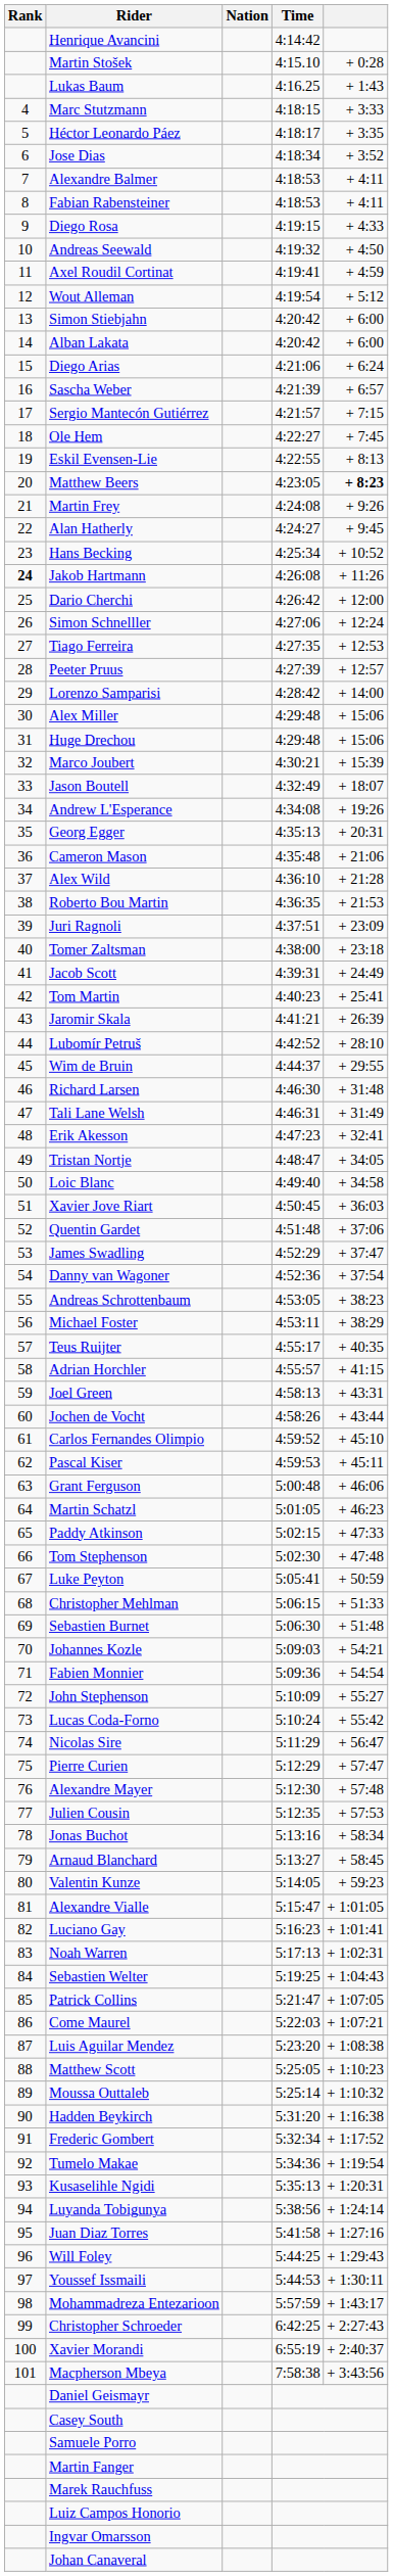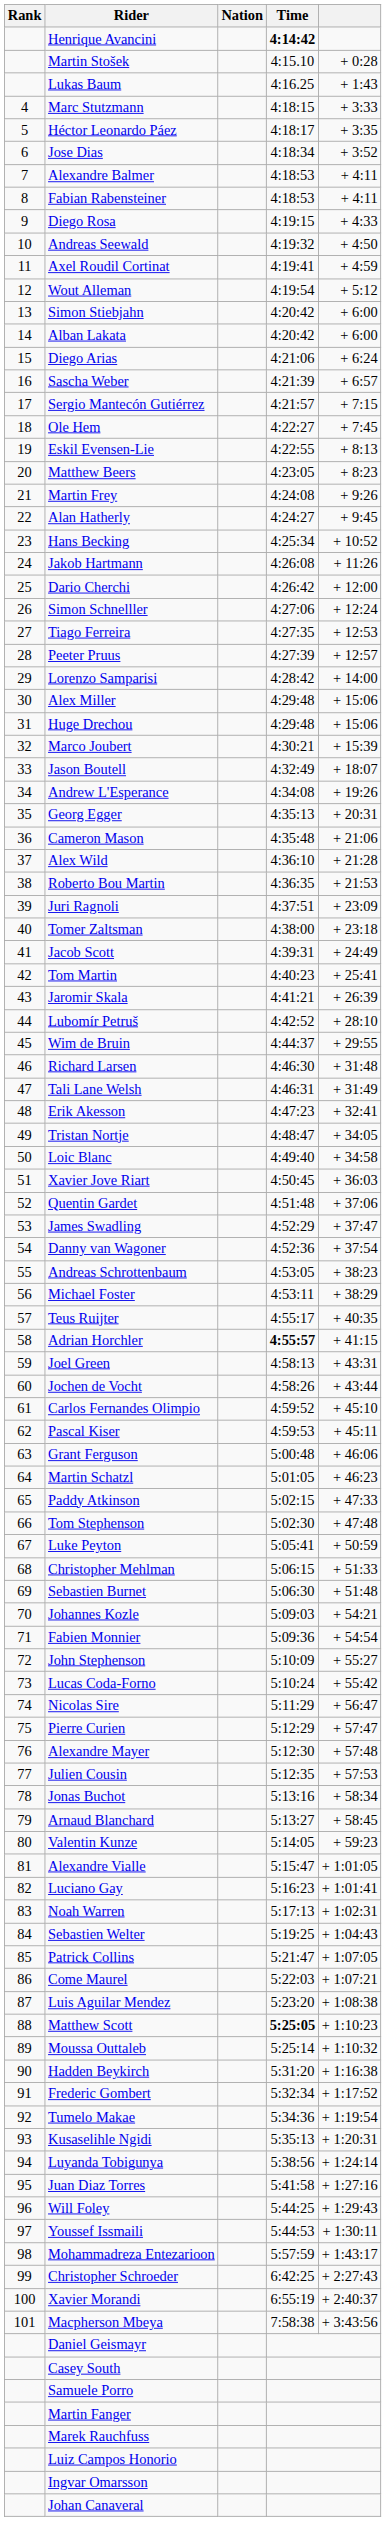 <table class="wikitable sortable" style=text-align:center;">
 <tr>
 <th scope="col">Rank</th>
 <th scope="col">Rider</th>
 <th scope="col">Nation</th>
 <th scope="col">Time</th>
 <th scope="col"></th>
 </tr>
 <tr>
 <td></td>
 <td align=left><a href='#'>Henrique Avancini</a></td>
 <td align=left></td>
-<td>4:14:42</td>
+<td><strong>4:14:42</strong></td>
 <td align=right></td>
 </tr>
 <tr>
 <td></td>
 <td align=left><a href='#'>Martin Stošek</a></td>
 <td align=left></td>
 <td>4:15.10</td>
 <td align=right>+  0:28</td>
 </tr>
 <tr>
 <td></td>
 <td align=left><a href='#'>Lukas Baum</a></td>
 <td align=left></td>
 <td>4:16.25</td>
 <td align=right>+ 1:43</td>
 </tr>
 <tr>
 <td>4</td>
 <td align=left><a href='#'>Marc Stutzmann</a></td>
 <td align=left></td>
 <td>4:18:15</td>
 <td align=right>+ 3:33</td>
 </tr>
 <tr>
 <td>5</td>
 <td align=left><a href='#'>Héctor Leonardo Páez</a></td>
 <td align=left></td>
 <td>4:18:17</td>
 <td align=right>+ 3:35</td>
 </tr>
 <tr>
 <td>6</td>
 <td align=left><a href='#'>Jose Dias</a></td>
 <td align=left></td>
 <td>4:18:34</td>
 <td align=right>+ 3:52</td>
 </tr>
 <tr>
 <td>7</td>
 <td align=left><a href='#'>Alexandre Balmer</a></td>
 <td align=left></td>
 <td>4:18:53</td>
 <td align=right>+ 4:11</td>
 </tr>
 <tr>
 <td>8</td>
 <td align=left><a href='#'>Fabian Rabensteiner</a></td>
 <td align=left></td>
 <td>4:18:53</td>
 <td align=right>+ 4:11</td>
 </tr>
 <tr>
 <td>9</td>
 <td align=left><a href='#'>Diego Rosa</a></td>
 <td align=left></td>
 <td>4:19:15</td>
 <td align=right>+ 4:33</td>
 </tr>
 <tr>
 <td>10</td>
 <td align=left><a href='#'>Andreas Seewald</a></td>
 <td align=left></td>
 <td>4:19:32</td>
 <td align=right>+ 4:50</td>
 </tr>
 <tr>
 <td>11</td>
 <td align=left><a href='#'>Axel Roudil Cortinat</a></td>
 <td align=left></td>
 <td>4:19:41</td>
 <td align=right>+ 4:59</td>
 </tr>
 <tr>
 <td>12</td>
 <td align=left><a href='#'>Wout Alleman</a></td>
 <td align=left></td>
 <td>4:19:54</td>
 <td align=right>+ 5:12</td>
 </tr>
 <tr>
 <td>13</td>
 <td align=left><a href='#'>Simon Stiebjahn</a></td>
 <td align=left></td>
 <td>4:20:42</td>
 <td align=right>+ 6:00</td>
 </tr>
 <tr>
 <td>14</td>
 <td align=left><a href='#'>Alban Lakata</a></td>
 <td align=left></td>
 <td>4:20:42</td>
 <td align=right>+ 6:00</td>
 </tr>
 <tr>
 <td>15</td>
 <td align=left><a href='#'>Diego Arias</a></td>
 <td align=left></td>
 <td>4:21:06</td>
 <td align=right>+ 6:24</td>
 </tr>
 <tr>
 <td>16</td>
 <td align=left><a href='#'>Sascha Weber</a></td>
 <td align=left></td>
 <td>4:21:39</td>
 <td align=right>+ 6:57</td>
 </tr>
 <tr>
 <td>17</td>
 <td align=left><a href='#'>Sergio Mantecón Gutiérrez</a></td>
 <td align=left></td>
 <td>4:21:57</td>
 <td align=right>+ 7:15</td>
 </tr>
 <tr>
 <td>18</td>
 <td align=left><a href='#'>Ole Hem</a></td>
 <td align=left></td>
 <td>4:22:27</td>
 <td align=right>+ 7:45</td>
 </tr>
 <tr>
 <td>19</td>
 <td align=left><a href='#'>Eskil Evensen-Lie</a></td>
 <td align=left></td>
 <td>4:22:55</td>
 <td align=right>+ 8:13</td>
 </tr>
 <tr>
 <td>20</td>
 <td align=left><a href='#'>Matthew Beers</a></td>
 <td align=left></td>
 <td>4:23:05</td>
-<td align=right><strong>+ 8:23</strong></td>
+<td align=right>+ 8:23</td>
 </tr>
 <tr>
 <td>21</td>
 <td align=left><a href='#'>Martin Frey</a></td>
 <td align=left></td>
 <td>4:24:08</td>
 <td align=right>+ 9:26</td>
 </tr>
 <tr>
 <td>22</td>
 <td align=left><a href='#'>Alan Hatherly</a></td>
 <td align=left></td>
 <td>4:24:27</td>
 <td align=right>+ 9:45</td>
 </tr>
 <tr>
 <td>23</td>
 <td align=left><a href='#'>Hans Becking</a></td>
 <td align=left></td>
 <td>4:25:34</td>
 <td align=right>+ 10:52</td>
 </tr>
 <tr>
-<td><strong>24</strong></td>
+<td>24</td>
 <td align=left><a href='#'>Jakob Hartmann</a></td>
 <td align=left></td>
 <td>4:26:08</td>
 <td align=right>+ 11:26</td>
 </tr>
 <tr>
 <td>25</td>
 <td align=left><a href='#'>Dario Cherchi</a></td>
 <td align=left></td>
 <td>4:26:42</td>
 <td align=right>+ 12:00</td>
 </tr>
 <tr>
 <td>26</td>
 <td align=left><a href='#'>Simon Schnelller</a></td>
 <td align=left></td>
 <td>4:27:06</td>
 <td align=right>+ 12:24</td>
 </tr>
 <tr>
 <td>27</td>
 <td align=left><a href='#'>Tiago Ferreira</a></td>
 <td align=left></td>
 <td>4:27:35</td>
 <td align=right>+ 12:53</td>
 </tr>
 <tr>
 <td>28</td>
 <td align=left><a href='#'>Peeter Pruus</a></td>
 <td align=left></td>
 <td>4:27:39</td>
 <td align=right>+ 12:57</td>
 </tr>
 <tr>
 <td>29</td>
 <td align=left><a href='#'>Lorenzo Samparisi</a></td>
 <td align=left></td>
 <td>4:28:42</td>
 <td align=right>+ 14:00</td>
 </tr>
 <tr>
 <td>30</td>
 <td align=left><a href='#'>Alex Miller</a></td>
 <td align=left></td>
 <td>4:29:48</td>
 <td align=right>+ 15:06</td>
 </tr>
 <tr>
 <td>31</td>
 <td align=left><a href='#'>Huge Drechou</a></td>
 <td align=left></td>
 <td>4:29:48</td>
 <td align=right>+ 15:06</td>
 </tr>
 <tr>
 <td>32</td>
 <td align=left><a href='#'>Marco Joubert</a></td>
 <td align=left></td>
 <td>4:30:21</td>
 <td align=right>+ 15:39</td>
 </tr>
 <tr>
 <td>33</td>
 <td align=left><a href='#'>Jason Boutell</a></td>
 <td align=left></td>
 <td>4:32:49</td>
 <td align=right>+ 18:07</td>
 </tr>
 <tr>
 <td>34</td>
 <td align=left><a href='#'>Andrew L'Esperance</a></td>
 <td align=left></td>
 <td>4:34:08</td>
 <td align=right>+ 19:26</td>
 </tr>
 <tr>
 <td>35</td>
 <td align=left><a href='#'>Georg Egger</a></td>
 <td align=left></td>
 <td>4:35:13</td>
 <td align=right>+ 20:31</td>
 </tr>
 <tr>
 <td>36</td>
 <td align=left><a href='#'>Cameron Mason</a></td>
 <td align=left></td>
 <td>4:35:48</td>
 <td align=right>+ 21:06</td>
 </tr>
 <tr>
 <td>37</td>
 <td align=left><a href='#'>Alex Wild</a></td>
 <td align=left></td>
 <td>4:36:10</td>
 <td align=right>+ 21:28</td>
 </tr>
 <tr>
 <td>38</td>
 <td align=left><a href='#'>Roberto Bou Martin</a></td>
 <td align=left></td>
 <td>4:36:35</td>
 <td align=right>+ 21:53</td>
 </tr>
 <tr>
 <td>39</td>
 <td align=left><a href='#'>Juri Ragnoli</a></td>
 <td align=left></td>
 <td>4:37:51</td>
 <td align=right>+ 23:09</td>
 </tr>
 <tr>
 <td>40</td>
 <td align=left><a href='#'>Tomer Zaltsman</a></td>
 <td align=left></td>
 <td>4:38:00</td>
 <td align=right>+ 23:18</td>
 </tr>
 <tr>
 <td>41</td>
 <td align=left><a href='#'>Jacob Scott</a></td>
 <td align=left></td>
 <td>4:39:31</td>
 <td align=right>+ 24:49</td>
 </tr>
 <tr>
 <td>42</td>
 <td align=left><a href='#'>Tom Martin</a></td>
 <td align=left></td>
 <td>4:40:23</td>
 <td align=right>+ 25:41</td>
 </tr>
 <tr>
 <td>43</td>
 <td align=left><a href='#'>Jaromir Skala</a></td>
 <td align=left></td>
 <td>4:41:21</td>
 <td align=right>+ 26:39</td>
 </tr>
 <tr>
 <td>44</td>
 <td align=left><a href='#'>Lubomír Petruš</a></td>
 <td align=left></td>
 <td>4:42:52</td>
 <td align=right>+ 28:10</td>
 </tr>
 <tr>
 <td>45</td>
 <td align=left><a href='#'>Wim de Bruin</a></td>
 <td align=left></td>
 <td>4:44:37</td>
 <td align=right>+ 29:55</td>
 </tr>
 <tr>
 <td>46</td>
 <td align=left><a href='#'>Richard Larsen</a></td>
 <td align=left></td>
 <td>4:46:30</td>
 <td align=right>+ 31:48</td>
 </tr>
 <tr>
 <td>47</td>
 <td align=left><a href='#'>Tali Lane Welsh</a></td>
 <td align=left></td>
 <td>4:46:31</td>
 <td align=right>+ 31:49</td>
 </tr>
 <tr>
 <td>48</td>
 <td align=left><a href='#'>Erik Akesson</a></td>
 <td align=left></td>
 <td>4:47:23</td>
 <td align=right>+ 32:41</td>
 </tr>
 <tr>
 <td>49</td>
 <td align=left><a href='#'>Tristan Nortje</a></td>
 <td align=left></td>
 <td>4:48:47</td>
 <td align=right>+ 34:05</td>
 </tr>
 <tr>
 <td>50</td>
 <td align=left><a href='#'>Loic Blanc</a></td>
 <td align=left></td>
 <td>4:49:40</td>
 <td align=right>+ 34:58</td>
 </tr>
 <tr>
 <td>51</td>
 <td align=left><a href='#'>Xavier Jove Riart</a></td>
 <td align=left></td>
 <td>4:50:45</td>
 <td align=right>+ 36:03</td>
 </tr>
 <tr>
 <td>52</td>
 <td align=left><a href='#'>Quentin Gardet</a></td>
 <td align=left></td>
 <td>4:51:48</td>
 <td align=right>+ 37:06</td>
 </tr>
 <tr>
 <td>53</td>
 <td align=left><a href='#'>James Swadling</a></td>
 <td align=left></td>
 <td>4:52:29</td>
 <td align=right>+ 37:47</td>
 </tr>
 <tr>
 <td>54</td>
 <td align=left><a href='#'>Danny van Wagoner</a></td>
 <td align=left></td>
 <td>4:52:36</td>
 <td align=right>+ 37:54</td>
 </tr>
 <tr>
 <td>55</td>
 <td align=left><a href='#'>Andreas Schrottenbaum</a></td>
 <td align=left></td>
 <td>4:53:05</td>
 <td align=right>+ 38:23</td>
 </tr>
 <tr>
 <td>56</td>
 <td align=left><a href='#'>Michael Foster</a></td>
 <td align=left></td>
 <td>4:53:11</td>
 <td align=right>+ 38:29</td>
 </tr>
 <tr>
 <td>57</td>
 <td align=left><a href='#'>Teus Ruijter</a></td>
 <td align=left></td>
 <td>4:55:17</td>
 <td align=right>+ 40:35</td>
 </tr>
 <tr>
 <td>58</td>
 <td align=left><a href='#'>Adrian Horchler</a></td>
 <td align=left></td>
-<td>4:55:57</td>
+<td><strong>4:55:57</strong></td>
 <td align=right>+ 41:15</td>
 </tr>
 <tr>
 <td>59</td>
 <td align=left><a href='#'>Joel Green</a></td>
 <td align=left></td>
 <td>4:58:13</td>
 <td align=right>+ 43:31</td>
 </tr>
 <tr>
 <td>60</td>
 <td align=left><a href='#'>Jochen de Vocht</a></td>
 <td align=left></td>
 <td>4:58:26</td>
 <td align=right>+ 43:44</td>
 </tr>
 <tr>
 <td>61</td>
 <td align=left><a href='#'>Carlos Fernandes Olimpio</a></td>
 <td align=left></td>
 <td>4:59:52</td>
 <td align=right>+ 45:10</td>
 </tr>
 <tr>
 <td>62</td>
 <td align=left><a href='#'>Pascal Kiser</a></td>
 <td align=left></td>
 <td>4:59:53</td>
 <td align=right>+ 45:11</td>
 </tr>
 <tr>
 <td>63</td>
 <td align=left><a href='#'>Grant Ferguson</a></td>
 <td align=left></td>
 <td>5:00:48</td>
 <td align=right>+ 46:06</td>
 </tr>
 <tr>
 <td>64</td>
 <td align=left><a href='#'>Martin Schatzl</a></td>
 <td align=left></td>
 <td>5:01:05</td>
 <td align=right>+ 46:23</td>
 </tr>
 <tr>
 <td>65</td>
 <td align=left><a href='#'>Paddy Atkinson</a></td>
 <td align=left></td>
 <td>5:02:15</td>
 <td align=right>+ 47:33</td>
 </tr>
 <tr>
 <td>66</td>
 <td align=left><a href='#'>Tom Stephenson</a></td>
 <td align=left></td>
 <td>5:02:30</td>
 <td align=right>+ 47:48</td>
 </tr>
 <tr>
 <td>67</td>
 <td align=left><a href='#'>Luke Peyton</a></td>
 <td align=left></td>
 <td>5:05:41</td>
 <td align=right>+ 50:59</td>
 </tr>
 <tr>
 <td>68</td>
 <td align=left><a href='#'>Christopher Mehlman</a></td>
 <td align=left></td>
 <td>5:06:15</td>
 <td align=right>+ 51:33</td>
 </tr>
 <tr>
 <td>69</td>
 <td align=left><a href='#'>Sebastien Burnet</a></td>
 <td align=left></td>
 <td>5:06:30</td>
 <td align=right>+ 51:48</td>
 </tr>
 <tr>
 <td>70</td>
 <td align=left><a href='#'>Johannes Kozle</a></td>
 <td align=left></td>
 <td>5:09:03</td>
 <td align=right>+ 54:21</td>
 </tr>
 <tr>
 <td>71</td>
 <td align=left><a href='#'>Fabien Monnier</a></td>
 <td align=left></td>
 <td>5:09:36</td>
 <td align=right>+ 54:54</td>
 </tr>
 <tr>
 <td>72</td>
 <td align=left><a href='#'>John Stephenson</a></td>
 <td align=left></td>
 <td>5:10:09</td>
 <td align=right>+ 55:27</td>
 </tr>
 <tr>
 <td>73</td>
 <td align=left><a href='#'>Lucas Coda-Forno</a></td>
 <td align=left></td>
 <td>5:10:24</td>
 <td align=right>+ 55:42</td>
 </tr>
 <tr>
 <td>74</td>
 <td align=left><a href='#'>Nicolas Sire</a></td>
 <td align=left></td>
 <td>5:11:29</td>
 <td align=right>+ 56:47</td>
 </tr>
 <tr>
 <td>75</td>
 <td align=left><a href='#'>Pierre Curien</a></td>
 <td align=left></td>
 <td>5:12:29</td>
 <td align=right>+ 57:47</td>
 </tr>
 <tr>
 <td>76</td>
 <td align=left><a href='#'>Alexandre Mayer</a></td>
 <td align=left></td>
 <td>5:12:30</td>
 <td align=right>+ 57:48</td>
 </tr>
 <tr>
 <td>77</td>
 <td align=left><a href='#'>Julien Cousin</a></td>
 <td align=left></td>
 <td>5:12:35</td>
 <td align=right>+ 57:53</td>
 </tr>
 <tr>
 <td>78</td>
 <td align=left><a href='#'>Jonas Buchot</a></td>
 <td align=left></td>
 <td>5:13:16</td>
 <td align=right>+ 58:34</td>
 </tr>
 <tr>
 <td>79</td>
 <td align=left><a href='#'>Arnaud Blanchard</a></td>
 <td align=left></td>
 <td>5:13:27</td>
 <td align=right>+ 58:45</td>
 </tr>
 <tr>
 <td>80</td>
 <td align=left><a href='#'>Valentin Kunze</a></td>
 <td align=left></td>
 <td>5:14:05</td>
 <td align=right>+ 59:23</td>
 </tr>
 <tr>
 <td>81</td>
 <td align=left><a href='#'>Alexandre Vialle</a></td>
 <td align=left></td>
 <td>5:15:47</td>
 <td align=right>+ 1:01:05</td>
 </tr>
 <tr>
 <td>82</td>
 <td align=left><a href='#'>Luciano Gay</a></td>
 <td align=left></td>
 <td>5:16:23</td>
 <td align=right>+ 1:01:41</td>
 </tr>
 <tr>
 <td>83</td>
 <td align=left><a href='#'>Noah Warren</a></td>
 <td align=left></td>
 <td>5:17:13</td>
 <td align=right>+ 1:02:31</td>
 </tr>
 <tr>
 <td>84</td>
 <td align=left><a href='#'>Sebastien Welter</a></td>
 <td align=left></td>
 <td>5:19:25</td>
 <td align=right>+ 1:04:43</td>
 </tr>
 <tr>
 <td>85</td>
 <td align=left><a href='#'>Patrick Collins</a></td>
 <td align=left></td>
 <td>5:21:47</td>
 <td align=right>+ 1:07:05</td>
 </tr>
 <tr>
 <td>86</td>
 <td align=left><a href='#'>Come Maurel</a></td>
 <td align=left></td>
 <td>5:22:03</td>
 <td align=right>+ 1:07:21</td>
 </tr>
 <tr>
 <td>87</td>
 <td align=left><a href='#'>Luis Aguilar Mendez</a></td>
 <td align=left></td>
 <td>5:23:20</td>
 <td align=right>+ 1:08:38</td>
 </tr>
 <tr>
 <td>88</td>
 <td align=left><a href='#'>Matthew Scott</a></td>
 <td align=left></td>
-<td>5:25:05</td>
+<td><strong>5:25:05</strong></td>
 <td align=right>+ 1:10:23</td>
 </tr>
 <tr>
 <td>89</td>
 <td align=left><a href='#'>Moussa Outtaleb</a></td>
 <td align=left></td>
 <td>5:25:14</td>
 <td align=right>+ 1:10:32</td>
 </tr>
 <tr>
 <td>90</td>
 <td align=left><a href='#'>Hadden Beykirch</a></td>
 <td align=left></td>
 <td>5:31:20</td>
 <td align=right>+ 1:16:38</td>
 </tr>
 <tr>
 <td>91</td>
 <td align=left><a href='#'>Frederic Gombert</a></td>
 <td align=left></td>
 <td>5:32:34</td>
 <td align=right>+ 1:17:52</td>
 </tr>
 <tr>
 <td>92</td>
 <td align=left><a href='#'>Tumelo Makae</a></td>
 <td align=left></td>
 <td>5:34:36</td>
 <td align=right>+ 1:19:54</td>
 </tr>
 <tr>
 <td>93</td>
 <td align=left><a href='#'>Kusaselihle Ngidi</a></td>
 <td align=left></td>
 <td>5:35:13</td>
 <td align=right>+ 1:20:31</td>
 </tr>
 <tr>
 <td>94</td>
 <td align=left><a href='#'>Luyanda Tobigunya</a></td>
 <td align=left></td>
 <td>5:38:56</td>
 <td align=right>+ 1:24:14</td>
 </tr>
 <tr>
 <td>95</td>
 <td align=left><a href='#'>Juan Diaz Torres</a></td>
 <td align=left></td>
 <td>5:41:58</td>
 <td align=right>+ 1:27:16</td>
 </tr>
 <tr>
 <td>96</td>
 <td align=left><a href='#'>Will Foley</a></td>
 <td align=left></td>
 <td>5:44:25</td>
 <td align=right>+ 1:29:43</td>
 </tr>
 <tr>
 <td>97</td>
 <td align=left><a href='#'>Youssef Issmaili</a></td>
 <td align=left></td>
 <td>5:44:53</td>
 <td align=right>+ 1:30:11</td>
 </tr>
 <tr>
 <td>98</td>
 <td align=left><a href='#'>Mohammadreza Entezarioon</a></td>
 <td align=left></td>
 <td>5:57:59</td>
 <td align=right>+ 1:43:17</td>
 </tr>
 <tr>
 <td>99</td>
 <td align=left><a href='#'>Christopher Schroeder</a></td>
 <td align=left></td>
 <td>6:42:25</td>
 <td align=right>+ 2:27:43</td>
 </tr>
 <tr>
 <td>100</td>
 <td align=left><a href='#'>Xavier Morandi</a></td>
 <td align=left></td>
 <td>6:55:19</td>
 <td align=right>+ 2:40:37</td>
 </tr>
 <tr>
 <td>101</td>
 <td align=left><a href='#'>Macpherson Mbeya</a></td>
 <td align=left></td>
 <td>7:58:38</td>
 <td align=right>+ 3:43:56</td>
 </tr>
 <tr>
 <td></td>
 <td align=left><a href='#'>Daniel Geismayr</a></td>
 <td align=left></td>
 <td colspan="2"></td>
 </tr>
 <tr>
 <td></td>
 <td align=left><a href='#'>Casey South</a></td>
 <td align=left></td>
 <td colspan="2"></td>
 </tr>
 <tr>
 <td></td>
 <td align=left><a href='#'>Samuele Porro</a></td>
 <td align=left></td>
 <td colspan="2"></td>
 </tr>
 <tr>
 <td></td>
 <td align=left><a href='#'>Martin Fanger</a></td>
 <td align=left></td>
 <td colspan="2"></td>
 </tr>
 <tr>
 <td></td>
 <td align=left><a href='#'>Marek Rauchfuss</a></td>
 <td align=left></td>
 <td colspan="2"></td>
 </tr>
 <tr>
 <td></td>
 <td align=left><a href='#'>Luiz Campos Honorio</a></td>
 <td align=left></td>
 <td colspan="2"></td>
 </tr>
 <tr>
 <td></td>
 <td align=left><a href='#'>Ingvar Omarsson</a></td>
 <td align=left></td>
 <td colspan="2"></td>
 </tr>
 <tr>
 <td></td>
 <td align=left><a href='#'>Johan Canaveral</a></td>
 <td align=left></td>
 <td colspan="2"></td>
 </tr>
 </table>
